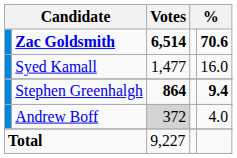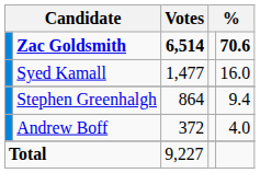 <table class="wikitable">
 <tr>
 <th colspan="2">Candidate</th>
 <th>Votes</th>
 <th colspan="2">%</th>
 </tr>
 <tr>
 <td style="background:#0087DC;"></td>
 <td><strong><a href='#'>Zac Goldsmith</a></strong></td>
 <td style="text-align:right;"><strong>6,514</strong></td>
 <td style="text-align:right;"></td>
 <td style="text-align:right;"><strong>70.6</strong></td>
 </tr>
 <tr>
 <td style="background:#0087DC;"></td>
 <td><a href='#'>Syed Kamall</a></td>
 <td style="text-align:right;">1,477</td>
 <td style="text-align:right;"></td>
 <td style="text-align:right;">16.0</td>
 </tr>
 <tr style="background:#f6f6f6; text-align:right;">
 </tr>
 <tr>
 <td style="background:#0087DC;"></td>
 <td><a href='#'>Stephen Greenhalgh</a></td>
-<td style="text-align:right;"><strong>864</strong></td>
+<td style="text-align:right;">864</td>
 <td style="text-align:right;"></td>
-<td style="text-align:right;"><strong>9.4</strong></td>
+<td style="text-align:right;">9.4</td>
 </tr>
 <tr style="background:#f6f6f6; text-align:right;">
 </tr>
 <tr>
 <td style="background:#0087DC;"></td>
 <td><a href='#'>Andrew Boff</a></td>
-<td style="background: lightgrey; text-align:right;">372</td>
+<td style="text-align:right;">372</td>
 <td style="text-align:right;"></td>
 <td style="text-align:right;">4.0</td>
 </tr>
 <tr style="background:#f6f6f6; text-align:right;">
 </tr>
 <tr>
 <td colspan="2"><strong>Total</strong></td>
 <td>9,227</td>
 <td></td>
 <td></td>
 </tr>
 </table>
